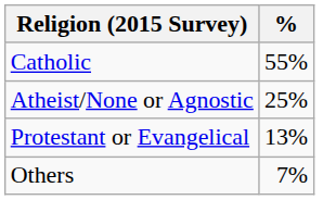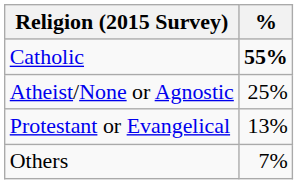 <table class="wikitable">
 <tr>
 <th>Religion (2015 Survey)</th>
 <th>%</th>
 </tr>
 <tr>
 <td><a href='#'>Catholic</a></td>
-<td style="text-align:right;">55%</td>
+<td style="text-align:right;"><strong>55%</strong></td>
 </tr>
 <tr>
 <td><a href='#'>Atheist</a>/<a href='#'>None</a> or <a href='#'>Agnostic</a></td>
 <td style="text-align:right;">25%</td>
 </tr>
 <tr>
 <td><a href='#'>Protestant</a> or <a href='#'>Evangelical</a></td>
 <td style="text-align:right;">13%</td>
 </tr>
 <tr>
 <td>Others</td>
 <td style="text-align:right;">7%</td>
 </tr>
 </table>
